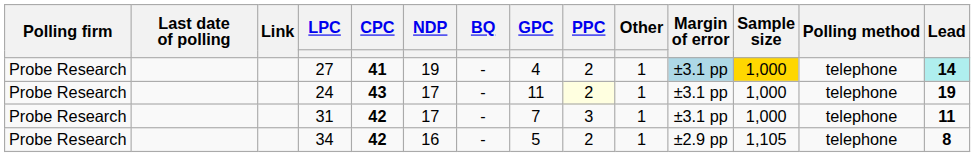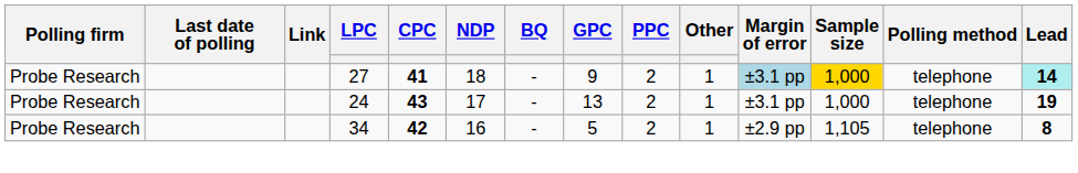 <table class="wikitable sortable mw-datatable" style="text-align:center;font-size:90%;line-height:14px;">
 <tr style="height:40px;">
 <th style="width:105px;" rowspan="2">Polling firm</th>
 <th style="width:105px;" rowspan="2">Last date<br>of polling</th>
 <th rowspan="2">Link</th>
 <th class="unsortable" style="width:40px;"><a href='#'>LPC</a></th>
 <th class="unsortable" style="width:40px;"><a href='#'>CPC</a></th>
 <th class="unsortable" style="width:40px;"><a href='#'>NDP</a></th>
 <th class="unsortable" style="width:40px;"><a href='#'>BQ</a></th>
 <th class="unsortable" style="width:40px;"><a href='#'>GPC</a></th>
 <th class="unsortable" style="width:40px;"><a href='#'>PPC</a></th>
 <th class="unsortable" style="width:40px;">Other</th>
 <th rowspan="2">Margin<br>of error</th>
 <th rowspan="2">Sample<br>size</th>
 <th rowspan="2">Polling method</th>
 <th rowspan="2">Lead</th>
 </tr>
 <tr>
 <th style="background:"></th>
 <th style="background:"></th>
 <th style="background:"></th>
 <th style="background:"></th>
 <th style="background:"></th>
 <th style="background:"></th>
 <th style="background:"></th>
 </tr>
 <tr>
 <td>Probe Research</td>
 <td></td>
 <td></td>
 <td>27</td>
 <td><strong>41</strong></td>
-<td>19</td>
+<td>18</td>
 <td>-</td>
-<td>4</td>
+<td>9</td>
 <td>2</td>
 <td>1</td>
 <td style="background: lightblue;">±3.1 pp</td>
 <td style="background: gold;">1,000</td>
 <td>telephone</td>
 <td style="background: paleturquoise;"><strong>14</strong></td>
 </tr>
 <tr>
 <td>Probe Research</td>
 <td></td>
 <td></td>
 <td>24</td>
 <td><strong>43</strong></td>
 <td>17</td>
 <td>-</td>
-<td>11</td>
-<td style="background: lightyellow;">2</td>
+<td>13</td>
+<td>2</td>
 <td>1</td>
 <td>±3.1 pp</td>
 <td>1,000</td>
 <td>telephone</td>
 <td><strong>19</strong></td>
-</tr>
-<tr>
-<td>Probe Research</td>
-<td></td>
-<td></td>
-<td>31</td>
-<td><strong>42</strong></td>
-<td>17</td>
-<td>-</td>
-<td>7</td>
-<td>3</td>
-<td>1</td>
-<td>±3.1 pp</td>
-<td>1,000</td>
-<td>telephone</td>
-<td><strong>11</strong></td>
 </tr>
 <tr>
 <td>Probe Research</td>
 <td></td>
 <td></td>
 <td>34</td>
 <td><strong>42</strong></td>
 <td>16</td>
 <td>-</td>
 <td>5</td>
 <td>2</td>
 <td>1</td>
 <td>±2.9 pp</td>
 <td>1,105</td>
 <td>telephone</td>
 <td><strong>8</strong></td>
 </tr>
 </table>
